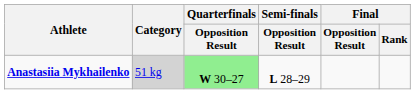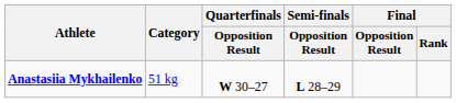 <table class="wikitable" style="text-align:center; font-size:90%">
 <tr>
 <th rowspan=2>Athlete</th>
 <th rowspan=2>Category</th>
 <th>Quarterfinals</th>
 <th>Semi-finals</th>
 <th colspan=2>Final</th>
 </tr>
 <tr style="font-size:95%">
 <th>Opposition<br>Result</th>
 <th>Opposition<br>Result</th>
 <th>Opposition<br>Result</th>
 <th>Rank</th>
 </tr>
 <tr>
 <td align=left><strong><a href='#'>Anastasiia Mykhailenko</a></strong></td>
-<td align=left style="background: lightgrey;"><a href='#'>51 kg</a></td>
-<td style="background: lightgreen;"><br><strong>W</strong> 30–27</td>
+<td align=left><a href='#'>51 kg</a></td>
+<td><br><strong>W</strong> 30–27</td>
 <td><br><strong>L</strong> 28–29</td>
 <td></td>
 <td></td>
 </tr>
 </table>
